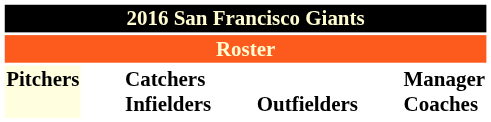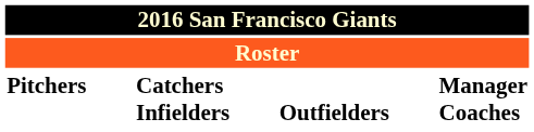 <table class="toccolours" style="font-size: 95%;">
 <tr>
 <th colspan="10" style="background:black; color:#fffdd0; text-align:center;">2016 San Francisco Giants</th>
 </tr>
 <tr>
 <td colspan="10" style="background:#fd5a1e; color:#fffdd0; text-align:center;"><strong>Roster</strong></td>
 </tr>
 <tr>
-<td valign="top" style="background: lightyellow;"><strong>Pitchers</strong><br>                       </td>
+<td valign="top"><strong>Pitchers</strong><br>                       </td>
 <td style="width:25px;"></td>
 <td valign="top"><strong>Catchers</strong><br>  <strong>Infielders</strong>            </td>
 <td style="width:25px;"></td>
 <td valign="top"><br><strong>Outfielders</strong>       </td>
 <td style="width:25px;"></td>
 <td valign="top"><strong>Manager</strong><br> <strong>Coaches</strong>                      </td>
 </tr>
 </table>
